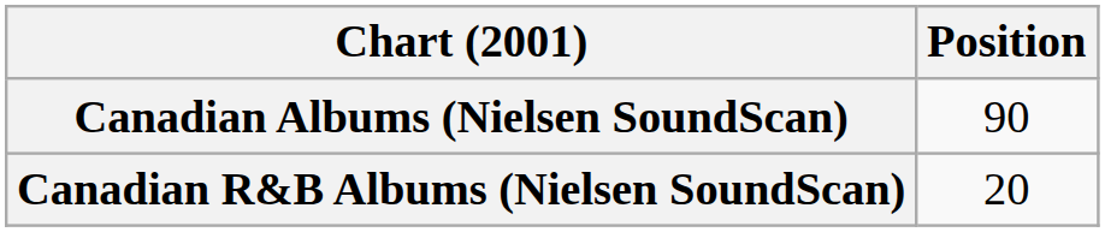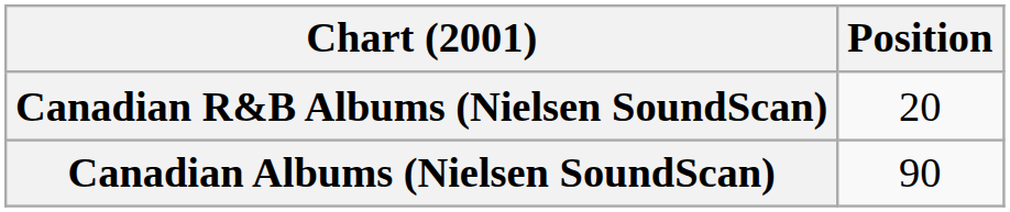 <table class="wikitable plainrowheaders">
 <tr>
 <th scope="col">Chart (2001)</th>
 <th scope="col">Position</th>
 </tr>
 <tr>
+<th scope="row">Canadian R&B Albums (Nielsen SoundScan)</th>
+<td align="center">20</td>
+</tr>
+<tr>
 <th scope="row">Canadian Albums (Nielsen SoundScan)</th>
 <td align="center">90</td>
 </tr>
-<tr>
-<th scope="row">Canadian R&B Albums (Nielsen SoundScan)</th>
-<td align="center">20</td>
-</tr>
 </table>
